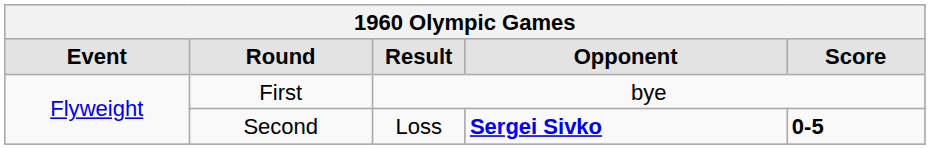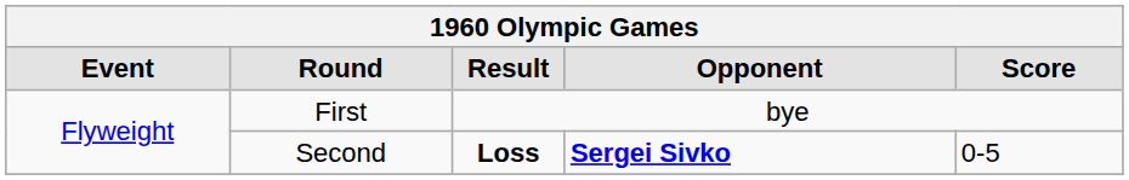 <table style='font-size: 85%; text-align: left;' class='wikitable' width='45%'>
 <tr>
 <th colspan=5>1960 Olympic Games</th>
 </tr>
 <tr>
 <th style='border-style: none none solid solid; background: #e3e3e3; width: 20%'><strong>Event</strong></th>
 <th style='border-style: none none solid solid; background: #e3e3e3; width: 20%'><strong>Round</strong></th>
 <th style='border-style: none none solid solid; background: #e3e3e3; width: 10%'><strong>Result</strong></th>
 <th style='border-style: none none solid solid; background: #e3e3e3; width: 35%'><strong>Opponent</strong></th>
 <th style='border-style: none none solid solid; background: #e3e3e3; width: 15%'><strong>Score</strong></th>
 </tr>
 <tr align=center>
 <td rowspan="2" style="text-align:center;"><a href='#'>Flyweight</a></td>
 <td align='center'>First</td>
 <td colspan="3" style="text-align:center;">bye</td>
 </tr>
 <tr align=center>
 <td align='center'>Second</td>
-<td>Loss</td>
+<td><strong>Loss</strong></td>
 <td align='left'><strong> <a href='#'>Sergei Sivko</a></strong></td>
-<td align='left'><strong>0-5</strong></td>
+<td align='left'>0-5</td>
 </tr>
 </table>
